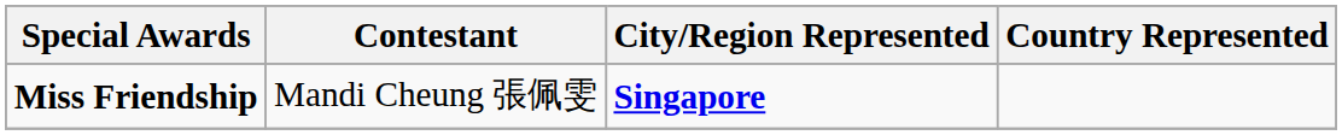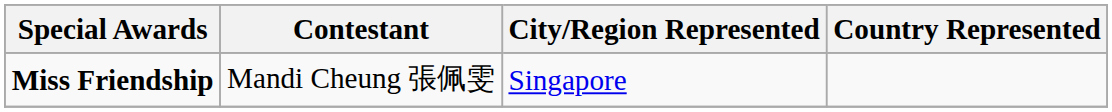 <table class="wikitable sortable" style="font-size:95%;">
 <tr>
 <th>Special Awards</th>
 <th>Contestant</th>
 <th>City/Region Represented</th>
 <th>Country Represented</th>
 </tr>
 <tr>
 <td><strong>Miss Friendship</strong></td>
 <td>Mandi Cheung 張佩雯</td>
-<td><strong><a href='#'>Singapore</a></strong></td>
+<td><a href='#'>Singapore</a></td>
 <td></td>
 </tr>
 <tr>
 </tr>
 </table>
